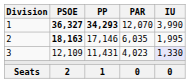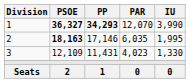 <table class="wikitable">
 <tr>
 <th>Division</th>
 <th>PSOE</th>
 <th>PP</th>
 <th>PAR</th>
 <th>IU</th>
 </tr>
 <tr>
 <td>1</td>
 <td><strong>36,327</strong></td>
 <td><strong>34,293</strong></td>
 <td>12,070</td>
 <td>3,990</td>
 </tr>
 <tr>
 <td>2</td>
 <td><strong>18,163</strong></td>
 <td>17,146</td>
 <td>6,035</td>
 <td>1,995</td>
 </tr>
 <tr>
 <td>3</td>
 <td>12,109</td>
 <td>11,431</td>
 <td>4,023</td>
-<td style="background: lavender;">1,330</td>
+<td>1,330</td>
 </tr>
 <tr>
 <td colspan="5" bgcolor="#E9E9E9"></td>
 </tr>
 <tr>
 <th>Seats</th>
 <th>2</th>
 <th>1</th>
 <th>0</th>
 <th>0</th>
 </tr>
 </table>
